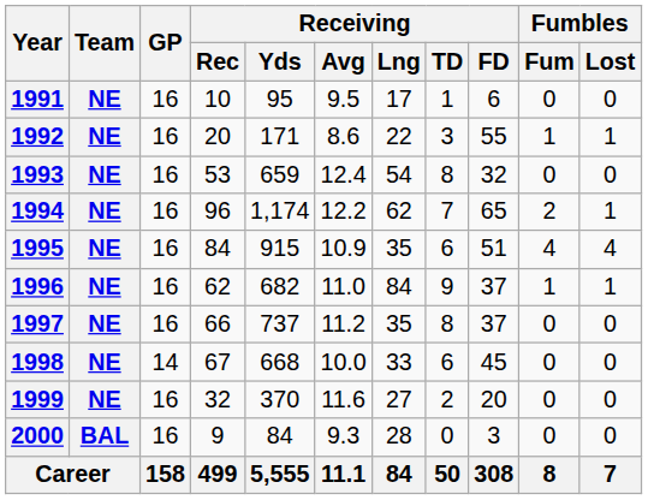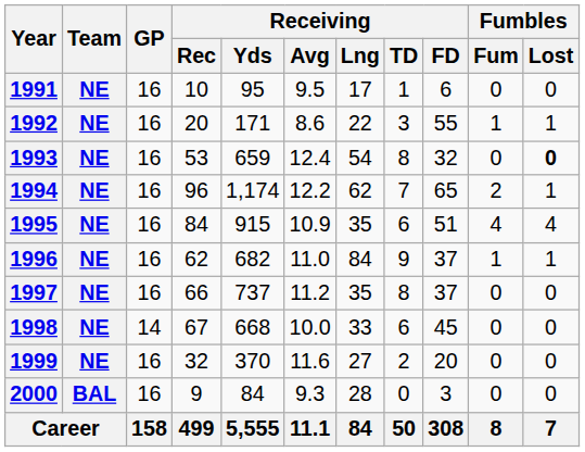 <table class="wikitable" style="text-align: center;">
 <tr>
 <th rowspan="2">Year</th>
 <th rowspan="2">Team</th>
 <th rowspan="2">GP</th>
 <th colspan="6">Receiving</th>
 <th colspan="2">Fumbles</th>
 </tr>
 <tr>
 <th>Rec</th>
 <th>Yds</th>
 <th>Avg</th>
 <th>Lng</th>
 <th>TD</th>
 <th>FD</th>
 <th>Fum</th>
 <th>Lost</th>
 </tr>
 <tr>
 <th><a href='#'>1991</a></th>
 <th><a href='#'>NE</a></th>
 <td>16</td>
 <td>10</td>
 <td>95</td>
 <td>9.5</td>
 <td>17</td>
 <td>1</td>
 <td>6</td>
 <td>0</td>
 <td>0</td>
 </tr>
 <tr>
 <th><a href='#'>1992</a></th>
 <th><a href='#'>NE</a></th>
 <td>16</td>
 <td>20</td>
 <td>171</td>
 <td>8.6</td>
 <td>22</td>
 <td>3</td>
 <td>55</td>
 <td>1</td>
 <td>1</td>
 </tr>
 <tr>
 <th><a href='#'>1993</a></th>
 <th><a href='#'>NE</a></th>
 <td>16</td>
 <td>53</td>
 <td>659</td>
 <td>12.4</td>
 <td>54</td>
 <td>8</td>
 <td>32</td>
 <td>0</td>
-<td>0</td>
+<td><strong>0</strong></td>
 </tr>
 <tr>
 <th><a href='#'>1994</a></th>
 <th><a href='#'>NE</a></th>
 <td>16</td>
 <td>96</td>
 <td>1,174</td>
 <td>12.2</td>
 <td>62</td>
 <td>7</td>
 <td>65</td>
 <td>2</td>
 <td>1</td>
 </tr>
 <tr>
 <th><a href='#'>1995</a></th>
 <th><a href='#'>NE</a></th>
 <td>16</td>
 <td>84</td>
 <td>915</td>
 <td>10.9</td>
 <td>35</td>
 <td>6</td>
 <td>51</td>
 <td>4</td>
 <td>4</td>
 </tr>
 <tr>
 <th><a href='#'>1996</a></th>
 <th><a href='#'>NE</a></th>
 <td>16</td>
 <td>62</td>
 <td>682</td>
 <td>11.0</td>
 <td>84</td>
 <td>9</td>
 <td>37</td>
 <td>1</td>
 <td>1</td>
 </tr>
 <tr>
 <th><a href='#'>1997</a></th>
 <th><a href='#'>NE</a></th>
 <td>16</td>
 <td>66</td>
 <td>737</td>
 <td>11.2</td>
 <td>35</td>
 <td>8</td>
 <td>37</td>
 <td>0</td>
 <td>0</td>
 </tr>
 <tr>
 <th><a href='#'>1998</a></th>
 <th><a href='#'>NE</a></th>
 <td>14</td>
 <td>67</td>
 <td>668</td>
 <td>10.0</td>
 <td>33</td>
 <td>6</td>
 <td>45</td>
 <td>0</td>
 <td>0</td>
 </tr>
 <tr>
 <th><a href='#'>1999</a></th>
 <th><a href='#'>NE</a></th>
 <td>16</td>
 <td>32</td>
 <td>370</td>
 <td>11.6</td>
 <td>27</td>
 <td>2</td>
 <td>20</td>
 <td>0</td>
 <td>0</td>
 </tr>
 <tr>
 <th><a href='#'>2000</a></th>
 <th><a href='#'>BAL</a></th>
 <td>16</td>
 <td>9</td>
 <td>84</td>
 <td>9.3</td>
 <td>28</td>
 <td>0</td>
 <td>3</td>
 <td>0</td>
 <td>0</td>
 </tr>
 <tr>
 <th colspan="2">Career</th>
 <th>158</th>
 <th>499</th>
 <th>5,555</th>
 <th>11.1</th>
 <th>84</th>
 <th>50</th>
 <th>308</th>
 <th>8</th>
 <th>7</th>
 </tr>
 </table>
